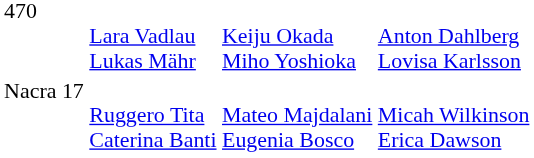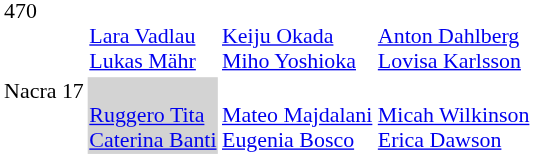 <table>
 <tr valign=top>
 <td>470<br></td>
 <td><br><a href='#'>Lara Vadlau</a><br><a href='#'>Lukas Mähr</a></td>
 <td><br><a href='#'>Keiju Okada</a><br><a href='#'>Miho Yoshioka</a></td>
 <td><br><a href='#'>Anton Dahlberg</a><br><a href='#'>Lovisa Karlsson</a></td>
 </tr>
 <tr valign=top>
 <td>Nacra 17<br></td>
-<td><br><a href='#'>Ruggero Tita</a><br><a href='#'>Caterina Banti</a></td>
+<td style="background: lightgrey;"><br><a href='#'>Ruggero Tita</a><br><a href='#'>Caterina Banti</a></td>
 <td><br><a href='#'>Mateo Majdalani</a><br><a href='#'>Eugenia Bosco</a></td>
 <td><br><a href='#'>Micah Wilkinson</a><br><a href='#'>Erica Dawson</a></td>
 </tr>
 </table>
